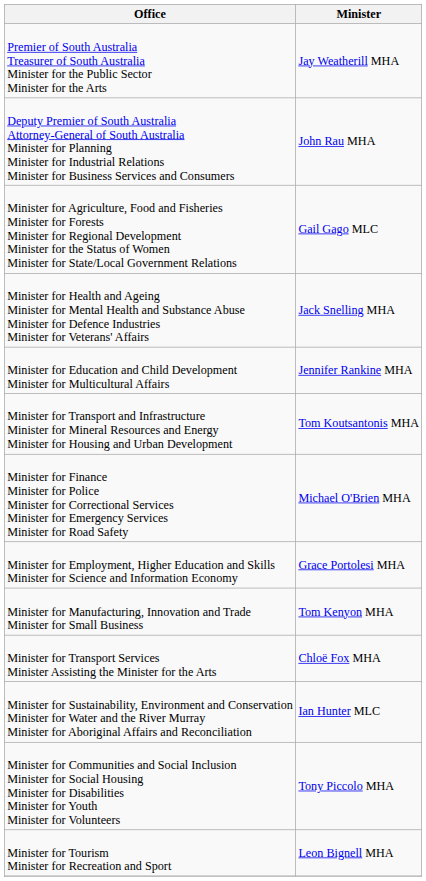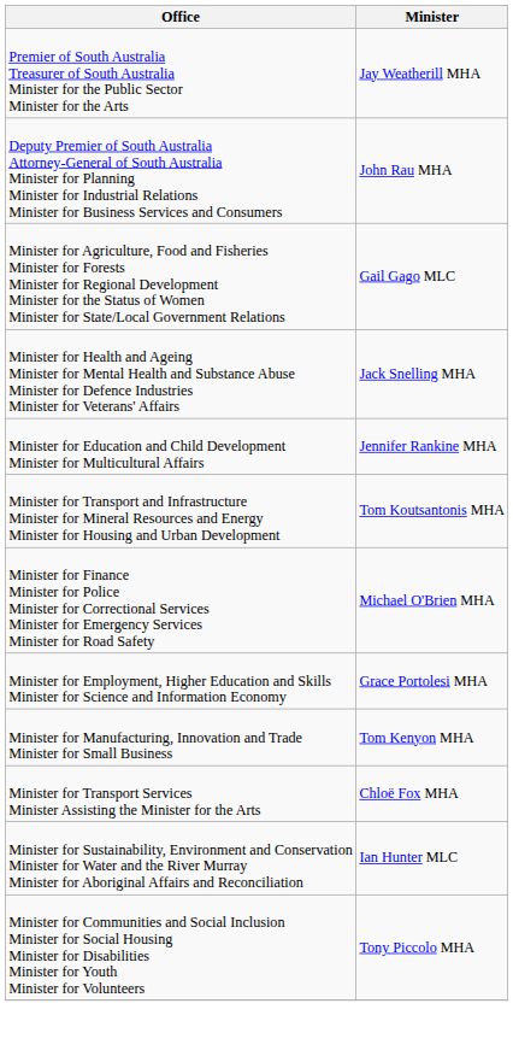 <table class="wikitable">
 <tr>
 <th>Office</th>
 <th>Minister</th>
 </tr>
 <tr>
 <td><br><a href='#'>Premier of South Australia</a><br> <a href='#'>Treasurer of South Australia</a><br> Minister for the Public Sector<br> Minister for the Arts</td>
 <td><a href='#'>Jay Weatherill</a> MHA</td>
 </tr>
 <tr>
 <td><br><a href='#'>Deputy Premier of South Australia</a><br> <a href='#'>Attorney-General of South Australia</a><br> Minister for Planning<br> Minister for Industrial Relations<br> Minister for Business Services and Consumers</td>
 <td><a href='#'>John Rau</a> MHA</td>
 </tr>
 <tr>
 <td><br>Minister for Agriculture, Food and Fisheries<br> Minister for Forests<br> Minister for Regional Development<br> Minister for the Status of Women<br> Minister for State/Local Government Relations</td>
 <td><a href='#'>Gail Gago</a> MLC</td>
 </tr>
 <tr>
 <td><br>Minister for Health and Ageing<br> Minister for Mental Health and Substance Abuse<br> Minister for Defence Industries<br> Minister for Veterans' Affairs</td>
 <td><a href='#'>Jack Snelling</a> MHA</td>
 </tr>
 <tr>
 <td><br>Minister for Education and Child Development<br> Minister for Multicultural Affairs</td>
 <td><a href='#'>Jennifer Rankine</a> MHA</td>
 </tr>
 <tr>
 <td><br>Minister for Transport and Infrastructure<br> Minister for Mineral Resources and Energy<br> Minister for Housing and Urban Development</td>
 <td><a href='#'>Tom Koutsantonis</a> MHA</td>
 </tr>
 <tr>
 <td><br>Minister for Finance<br> Minister for Police<br> Minister for Correctional Services<br> Minister for Emergency Services<br> Minister for Road Safety</td>
 <td><a href='#'>Michael O'Brien</a> MHA</td>
 </tr>
 <tr>
 <td><br>Minister for Employment, Higher Education and Skills<br> Minister for Science and Information Economy</td>
 <td><a href='#'>Grace Portolesi</a> MHA</td>
 </tr>
 <tr>
 <td><br>Minister for Manufacturing, Innovation and Trade<br> Minister for Small Business</td>
 <td><a href='#'>Tom Kenyon</a> MHA</td>
 </tr>
 <tr>
 <td><br>Minister for Transport Services<br> Minister Assisting the Minister for the Arts</td>
 <td><a href='#'>Chloë Fox</a> MHA</td>
 </tr>
 <tr>
 <td><br>Minister for Sustainability, Environment and Conservation<br> Minister for Water and the River Murray<br> Minister for Aboriginal Affairs and Reconciliation</td>
 <td><a href='#'>Ian Hunter</a> MLC</td>
 </tr>
 <tr>
 <td><br>Minister for Communities and Social Inclusion<br> Minister for Social Housing<br> Minister for Disabilities<br> Minister for Youth<br> Minister for Volunteers</td>
 <td><a href='#'>Tony Piccolo</a> MHA</td>
 </tr>
 <tr>
-<td><br>Minister for Tourism<br> Minister for Recreation and Sport</td>
-<td><a href='#'>Leon Bignell</a> MHA</td>
-</tr>
-<tr>
 </tr>
 </table>
